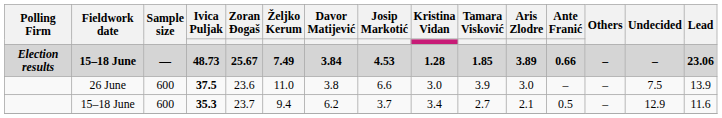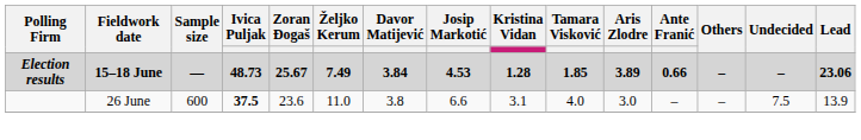 <table class="wikitable sortable" style="text-align:center; font-size:90%; line-height:16px;">
 <tr style="height:42px;">
 <th rowspan="2" style="width:40px;">Polling Firm</th>
 <th rowspan="2" style="width:40px;">Fieldwork date</th>
 <th rowspan="2" style="width:40px;">Sample <br> size</th>
 <th class="unsortable" style="width:40px;">Ivica Puljak</th>
 <th class="unsortable" style="width:40px;">Zoran Đogaš</th>
 <th class="unsortable" style="width:40px;">Željko Kerum</th>
 <th class="unsortable" style="width:40px;">Davor Matijević</th>
 <th class="unsortable" style="width:40px;">Josip Markotić</th>
 <th class="unsortable" style="width:40px;">Kristina Vidan</th>
 <th class="unsortable" style="width:40px;">Tamara Visković</th>
 <th class="unsortable" style="width:40px;">Aris Zlodre</th>
 <th class="unsortable" style="width:40px;">Ante Franić</th>
 <th rowspan="2" class="unsortable" style="width:40px;">Others</th>
 <th rowspan="2" class="unsortable" style="width:40px;">Undecided</th>
 <th rowspan="2" class="unsortable" style="width:20px;">Lead</th>
 </tr>
 <tr>
 <th class="unsortable" style="color:inherit;background:"></th>
 <th class="unsortable" style="color:inherit;background:"></th>
 <th class="unsortable" style="color:inherit;background:"></th>
 <th class="unsortable" style="color:inherit;background:"></th>
 <th class="unsortable" style="color:inherit;background:"></th>
 <th class="unsortable" style="background:#C81B77" width="45px"></th>
 <th class="unsortable" style="background:"></th>
 <th class="unsortable" style="color:inherit;background:"></th>
 <th class="unsortable" style="background:"></th>
 </tr>
 <tr style="background:#D5D5D5; font-weight:bold;">
 <td style="width:10em"><em>Election results</em></td>
 <td>15–18 June</td>
 <td>—</td>
 <td style="background:"><strong>48.73</strong></td>
 <td>25.67</td>
 <td>7.49</td>
 <td>3.84</td>
 <td>4.53</td>
 <td>1.28</td>
 <td>1.85</td>
 <td>3.89</td>
 <td>0.66</td>
 <td>–</td>
 <td>–</td>
 <td style="background:">23.06</td>
 </tr>
 <tr>
 <td></td>
 <td style="width:9em">26 June</td>
 <td>600</td>
 <td style="background:"><strong>37.5</strong></td>
 <td>23.6</td>
 <td>11.0</td>
 <td>3.8</td>
 <td>6.6</td>
-<td>3.0</td>
-<td>3.9</td>
+<td>3.1</td>
+<td>4.0</td>
 <td>3.0</td>
 <td>–</td>
 <td>–</td>
 <td>7.5</td>
 <td style="background:">13.9</td>
 </tr>
 <tr>
-<td></td>
-<td>15–18 June</td>
-<td>600</td>
-<td style="background:"><strong>35.3</strong></td>
-<td>23.7</td>
-<td>9.4</td>
-<td>6.2</td>
-<td>3.7</td>
-<td>3.4</td>
-<td>2.7</td>
-<td>2.1</td>
-<td>0.5</td>
-<td>–</td>
-<td>12.9</td>
-<td style="background:">11.6</td>
-</tr>
-<tr>
 </tr>
 </table>
